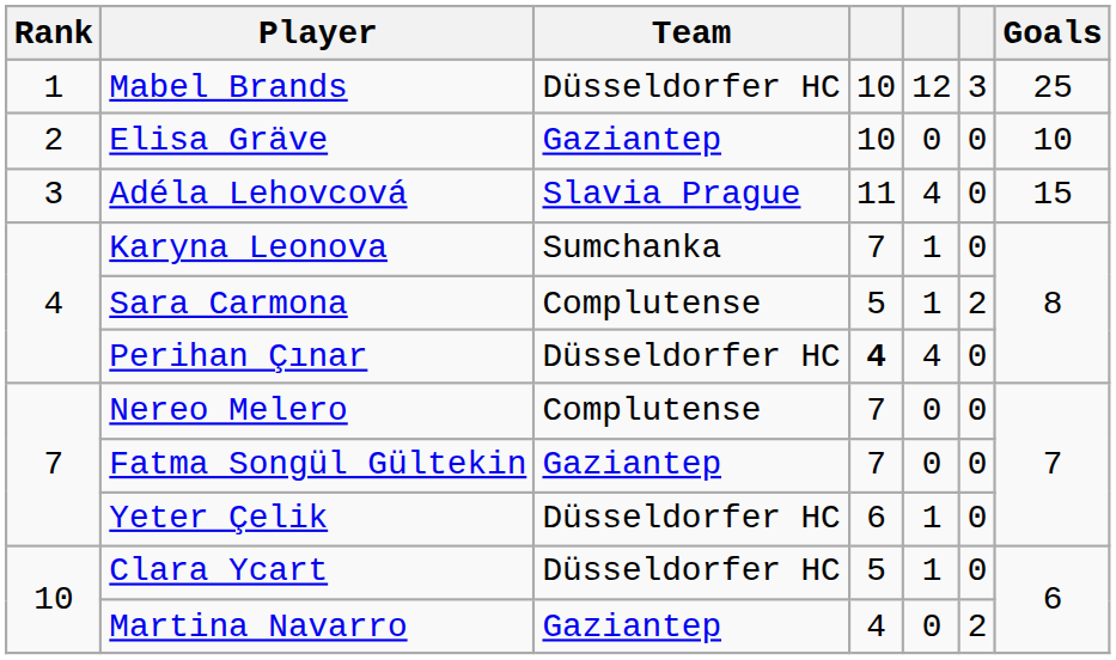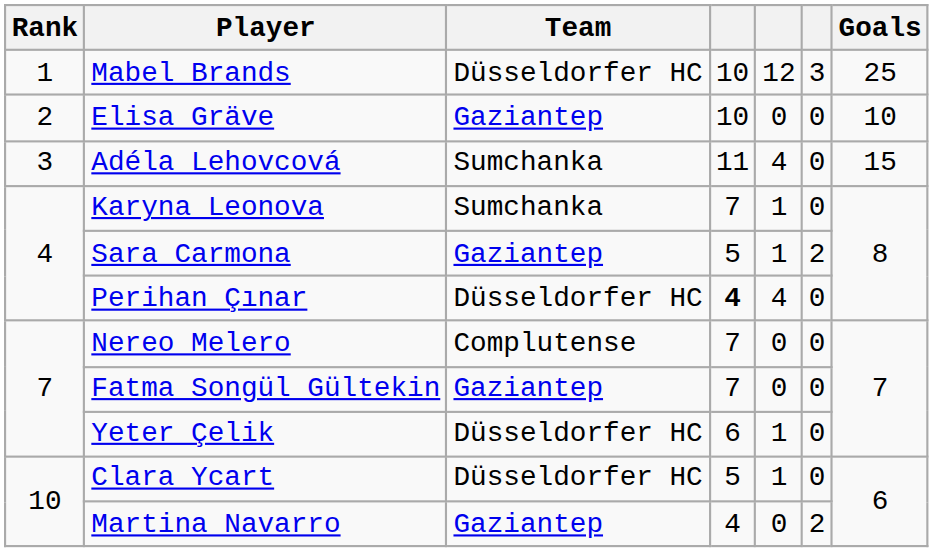 <table class="wikitable" style="text-align: center;">
 <tr>
 <th>Rank</th>
 <th>Player</th>
 <th>Team</th>
 <th></th>
 <th></th>
 <th></th>
 <th>Goals</th>
 </tr>
 <tr>
 <td>1</td>
 <td style="text-align: left;"> <a href='#'>Mabel Brands</a></td>
 <td style="text-align: left;"> Düsseldorfer HC</td>
 <td>10</td>
 <td>12</td>
 <td>3</td>
 <td>25</td>
 </tr>
 <tr>
 <td>2</td>
 <td style="text-align: left;"> <a href='#'>Elisa Gräve</a></td>
 <td style="text-align: left;"> <a href='#'>Gaziantep</a></td>
 <td>10</td>
 <td>0</td>
 <td>0</td>
 <td>10</td>
 </tr>
 <tr>
 <td>3</td>
 <td style="text-align: left;"> <a href='#'>Adéla Lehovcová</a></td>
-<td style="text-align: left;"> <a href='#'>Slavia Prague</a></td>
+<td style="text-align: left;"> Sumchanka</td>
 <td>11</td>
 <td>4</td>
 <td>0</td>
 <td>15</td>
 </tr>
 <tr>
 <td rowspan="3">4</td>
 <td style="text-align: left;"> <a href='#'>Karyna Leonova</a></td>
 <td style="text-align: left;"> Sumchanka</td>
 <td>7</td>
 <td>1</td>
 <td>0</td>
 <td rowspan="3">8</td>
 </tr>
 <tr>
 <td style="text-align: left;"> <a href='#'>Sara Carmona</a></td>
-<td style="text-align: left;"> Complutense</td>
+<td style="text-align: left;"> <a href='#'>Gaziantep</a></td>
 <td>5</td>
 <td>1</td>
 <td>2</td>
 </tr>
 <tr>
 <td style="text-align: left;"> <a href='#'>Perihan Çınar</a></td>
 <td style="text-align: left;"> Düsseldorfer HC</td>
 <td><strong>4</strong></td>
 <td>4</td>
 <td>0</td>
 </tr>
 <tr>
 <td rowspan="3">7</td>
 <td style="text-align: left;"> <a href='#'>Nereo Melero</a></td>
 <td style="text-align: left;"> Complutense</td>
 <td>7</td>
 <td>0</td>
 <td>0</td>
 <td rowspan="3">7</td>
 </tr>
 <tr>
 <td style="text-align: left;"> <a href='#'>Fatma Songül Gültekin</a></td>
 <td style="text-align: left;"> <a href='#'>Gaziantep</a></td>
 <td>7</td>
 <td>0</td>
 <td>0</td>
 </tr>
 <tr>
 <td style="text-align: left;"> <a href='#'>Yeter Çelik</a></td>
 <td style="text-align: left;"> Düsseldorfer HC</td>
 <td>6</td>
 <td>1</td>
 <td>0</td>
 </tr>
 <tr>
 <td rowspan="2">10</td>
 <td style="text-align: left;"> <a href='#'>Clara Ycart</a></td>
 <td style="text-align: left;"> Düsseldorfer HC</td>
 <td>5</td>
 <td>1</td>
 <td>0</td>
 <td rowspan="2">6</td>
 </tr>
 <tr>
 <td style="text-align: left;"> <a href='#'>Martina Navarro</a></td>
 <td style="text-align: left;"> <a href='#'>Gaziantep</a></td>
 <td>4</td>
 <td>0</td>
 <td>2</td>
 </tr>
 </table>
